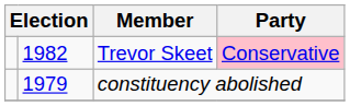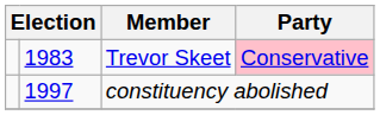 <table class="wikitable">
 <tr>
 <th colspan="2">Election</th>
 <th>Member</th>
 <th>Party</th>
 </tr>
 <tr>
 <td style="color:inherit;background-color: "></td>
-<td><a href='#'>1982</a></td>
+<td><a href='#'>1983</a></td>
 <td><a href='#'>Trevor Skeet</a></td>
 <td style="background: pink;"><a href='#'>Conservative</a></td>
 </tr>
 <tr>
 <td></td>
-<td><a href='#'>1979</a></td>
+<td><a href='#'>1997</a></td>
 <td colspan="2"><em>constituency abolished</em></td>
 </tr>
 <tr>
 </tr>
 </table>
